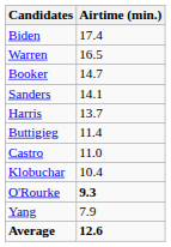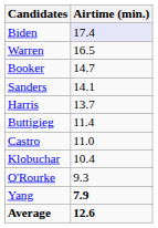 <table class="wikitable sortable" style="display:inline-table;line-height:16px;">
 <tr>
 <th>Candidates</th>
 <th>Airtime (min.)</th>
 </tr>
 <tr>
 <td><a href='#'>Biden</a></td>
-<td>17.4</td>
+<td style="background: lavender;">17.4</td>
 </tr>
 <tr>
 <td><a href='#'>Warren</a></td>
 <td>16.5</td>
 </tr>
 <tr>
 <td><a href='#'>Booker</a></td>
 <td>14.7</td>
 </tr>
 <tr>
 <td><a href='#'>Sanders</a></td>
 <td>14.1</td>
 </tr>
 <tr>
 <td><a href='#'>Harris</a></td>
 <td>13.7</td>
 </tr>
 <tr>
 <td><a href='#'>Buttigieg</a></td>
 <td>11.4</td>
 </tr>
 <tr>
 <td><a href='#'>Castro</a></td>
 <td>11.0</td>
 </tr>
 <tr>
 <td><a href='#'>Klobuchar</a></td>
 <td>10.4</td>
 </tr>
 <tr>
 <td><a href='#'>O'Rourke</a></td>
-<td><strong>9.3</strong></td>
+<td>9.3</td>
 </tr>
 <tr>
 <td><a href='#'>Yang</a></td>
-<td>7.9</td>
+<td><strong>7.9</strong></td>
 </tr>
 <tr>
 <td><strong>Average</strong></td>
 <td><strong>12.6</strong></td>
 </tr>
 </table>
